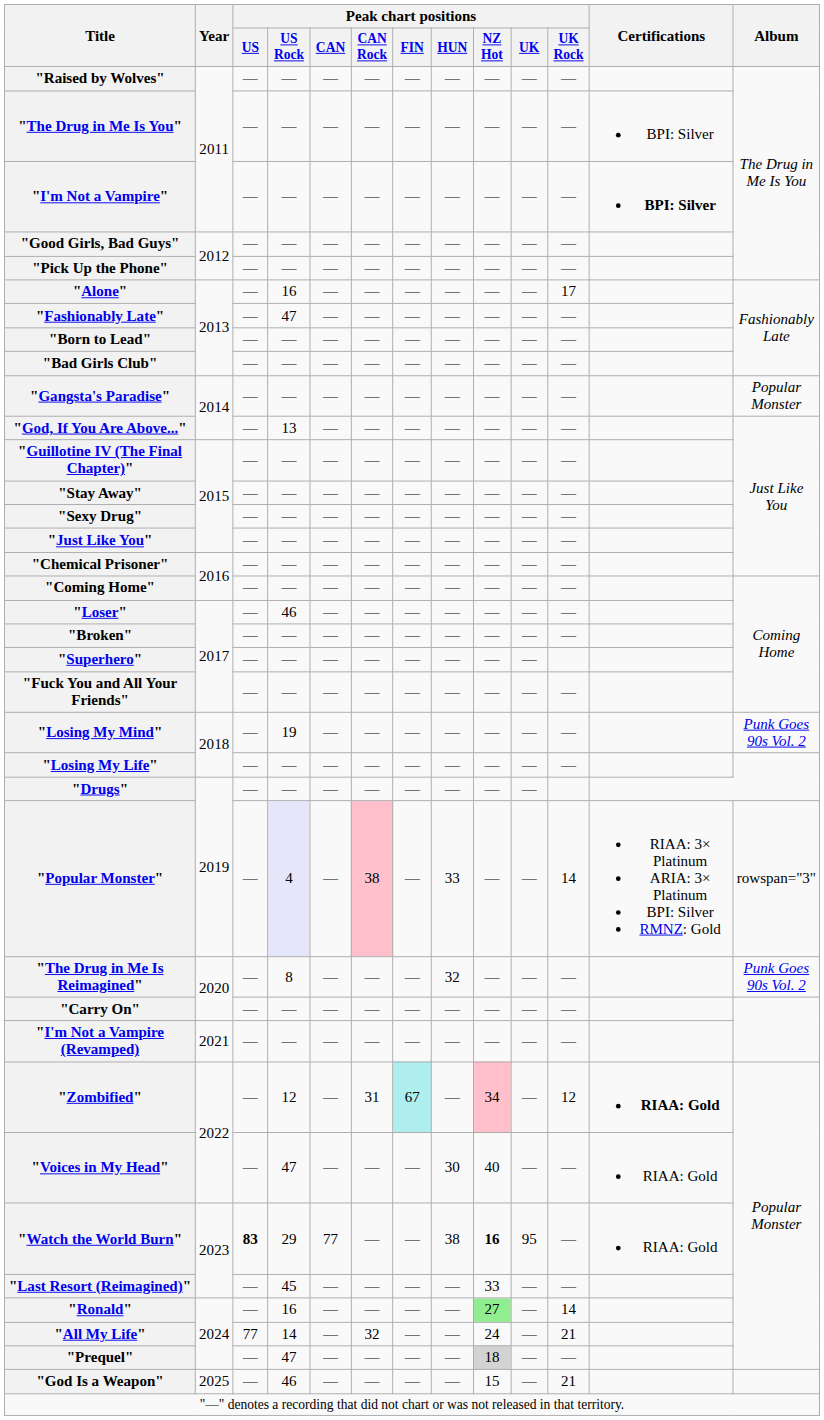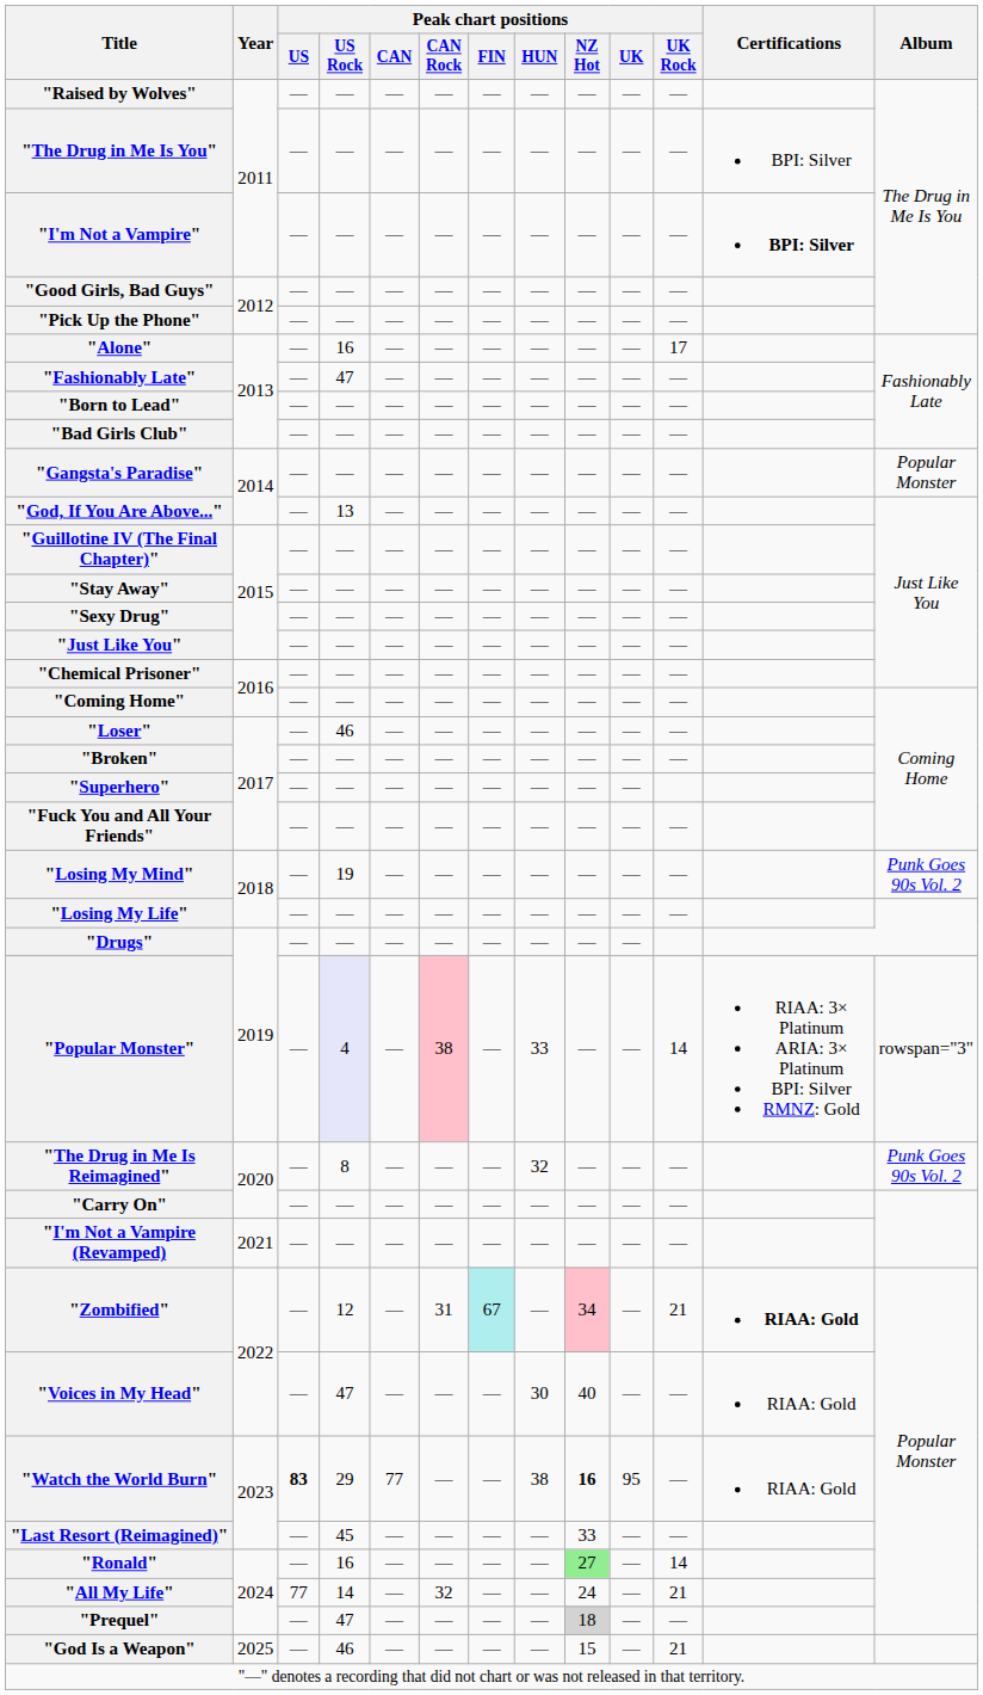 <table class="wikitable plainrowheaders" style="text-align:center;">
 <tr>
 <th scope="col" rowspan="2" style="width:18em;">Title</th>
 <th scope="col" rowspan="2">Year</th>
 <th scope="col" colspan="9">Peak chart positions</th>
 <th scope="col" rowspan="2" style="width:12em;">Certifications</th>
 <th scope="col" rowspan="2">Album</th>
 </tr>
 <tr>
 <th scope="col" style="width:3em;font-size:90%;"><a href='#'>US</a><br></th>
 <th scope="col" style="width:3em;font-size:90%;"><a href='#'>US<br>Rock</a><br></th>
 <th scope="col" style="width:3em;font-size:90%;"><a href='#'>CAN</a><br></th>
 <th scope="col" style="width:3em;font-size:90%;"><a href='#'>CAN<br>Rock</a><br></th>
 <th scope="col" style="width:3em;font-size:90%;"><a href='#'>FIN</a><br></th>
 <th scope="col" style="width:3em;font-size:90%;"><a href='#'>HUN</a><br></th>
 <th scope="col" style="width:3em;font-size:90%;"><a href='#'>NZ<br>Hot</a><br></th>
 <th scope="col" style="width:3em;font-size:90%;"><a href='#'>UK</a><br></th>
 <th scope="col" style="width:3em;font-size:90%;"><a href='#'>UK<br>Rock</a><br></th>
 </tr>
 <tr>
 <th scope="row">"Raised by Wolves"</th>
 <td rowspan="3">2011</td>
 <td>—</td>
 <td>—</td>
 <td>—</td>
 <td>—</td>
 <td>—</td>
 <td>—</td>
 <td>—</td>
 <td>—</td>
 <td>—</td>
 <td></td>
 <td rowspan="5"><em>The Drug in Me Is You</em></td>
 </tr>
 <tr>
 <th scope="row">"<a href='#'>The Drug in Me Is You</a>"</th>
 <td>—</td>
 <td>—</td>
 <td>—</td>
 <td>—</td>
 <td>—</td>
 <td>—</td>
 <td>—</td>
 <td>—</td>
 <td>—</td>
 <td><br><ul><li>BPI: Silver</li></ul></td>
 </tr>
 <tr>
 <th scope="row">"<a href='#'>I'm Not a Vampire</a>"</th>
 <td>—</td>
 <td>—</td>
 <td>—</td>
 <td>—</td>
 <td>—</td>
 <td>—</td>
 <td>—</td>
 <td>—</td>
 <td>—</td>
 <td><strong><br><ul><li>BPI: Silver</li></ul></strong></td>
 </tr>
 <tr>
 <th scope="row">"Good Girls, Bad Guys"</th>
 <td rowspan="2">2012</td>
 <td>—</td>
 <td>—</td>
 <td>—</td>
 <td>—</td>
 <td>—</td>
 <td>—</td>
 <td>—</td>
 <td>—</td>
 <td>—</td>
 <td></td>
 </tr>
 <tr>
 <th scope="row">"Pick Up the Phone"</th>
 <td>—</td>
 <td>—</td>
 <td>—</td>
 <td>—</td>
 <td>—</td>
 <td>—</td>
 <td>—</td>
 <td>—</td>
 <td>—</td>
 <td></td>
 </tr>
 <tr>
 <th scope="row">"<a href='#'>Alone</a>"</th>
 <td rowspan="4">2013</td>
 <td>—</td>
 <td>16</td>
 <td>—</td>
 <td>—</td>
 <td>—</td>
 <td>—</td>
 <td>—</td>
 <td>—</td>
 <td>17</td>
 <td></td>
 <td rowspan="4"><em>Fashionably Late</em></td>
 </tr>
 <tr>
 <th scope="row">"<a href='#'>Fashionably Late</a>"</th>
 <td>—</td>
 <td>47</td>
 <td>—</td>
 <td>—</td>
 <td>—</td>
 <td>—</td>
 <td>—</td>
 <td>—</td>
 <td>—</td>
 <td></td>
 </tr>
 <tr>
 <th scope="row">"Born to Lead"</th>
 <td>—</td>
 <td>—</td>
 <td>—</td>
 <td>—</td>
 <td>—</td>
 <td>—</td>
 <td>—</td>
 <td>—</td>
 <td>—</td>
 <td></td>
 </tr>
 <tr>
 <th scope="row">"Bad Girls Club"</th>
 <td>—</td>
 <td>—</td>
 <td>—</td>
 <td>—</td>
 <td>—</td>
 <td>—</td>
 <td>—</td>
 <td>—</td>
 <td>—</td>
 <td></td>
 </tr>
 <tr>
 <th scope="row">"<a href='#'>Gangsta's Paradise</a>"<br></th>
 <td rowspan="2">2014</td>
 <td>—</td>
 <td>—</td>
 <td>—</td>
 <td>—</td>
 <td>—</td>
 <td>—</td>
 <td>—</td>
 <td>—</td>
 <td>—</td>
 <td></td>
 <td><em>Popular Monster</em></td>
 </tr>
 <tr>
 <th scope="row">"<a href='#'>God, If You Are Above...</a>"</th>
 <td>—</td>
 <td>13</td>
 <td>—</td>
 <td>—</td>
 <td>—</td>
 <td>—</td>
 <td>—</td>
 <td>—</td>
 <td>—</td>
 <td></td>
 <td rowspan="6"><em>Just Like You</em></td>
 </tr>
 <tr>
 <th scope="row">"<a href='#'>Guillotine IV (The Final Chapter)</a>"</th>
 <td rowspan="4">2015</td>
 <td>—</td>
 <td>—</td>
 <td>—</td>
 <td>—</td>
 <td>—</td>
 <td>—</td>
 <td>—</td>
 <td>—</td>
 <td>—</td>
 <td></td>
 </tr>
 <tr>
 <th scope="row">"Stay Away"</th>
 <td>—</td>
 <td>—</td>
 <td>—</td>
 <td>—</td>
 <td>—</td>
 <td>—</td>
 <td>—</td>
 <td>—</td>
 <td>—</td>
 <td></td>
 </tr>
 <tr>
 <th scope="row">"Sexy Drug"</th>
 <td>—</td>
 <td>—</td>
 <td>—</td>
 <td>—</td>
 <td>—</td>
 <td>—</td>
 <td>—</td>
 <td>—</td>
 <td>—</td>
 <td></td>
 </tr>
 <tr>
 <th scope="row">"<a href='#'>Just Like You</a>"</th>
 <td>—</td>
 <td>—</td>
 <td>—</td>
 <td>—</td>
 <td>—</td>
 <td>—</td>
 <td>—</td>
 <td>—</td>
 <td>—</td>
 <td></td>
 </tr>
 <tr>
 <th scope="row">"Chemical Prisoner"</th>
 <td rowspan="2">2016</td>
 <td>—</td>
 <td>—</td>
 <td>—</td>
 <td>—</td>
 <td>—</td>
 <td>—</td>
 <td>—</td>
 <td>—</td>
 <td>—</td>
 <td></td>
 </tr>
 <tr>
 <th scope="row">"Coming Home"</th>
 <td>—</td>
 <td>—</td>
 <td>—</td>
 <td>—</td>
 <td>—</td>
 <td>—</td>
 <td>—</td>
 <td>—</td>
 <td>—</td>
 <td></td>
 <td rowspan="5"><em>Coming Home</em></td>
 </tr>
 <tr>
 <th scope="row">"<a href='#'>Loser</a>"</th>
 <td rowspan="4">2017</td>
 <td>—</td>
 <td>46</td>
 <td>—</td>
 <td>—</td>
 <td>—</td>
 <td>—</td>
 <td>—</td>
 <td>—</td>
 <td>—</td>
 <td></td>
 </tr>
 <tr>
 <th scope="row">"Broken"</th>
 <td>—</td>
 <td>—</td>
 <td>—</td>
 <td>—</td>
 <td>—</td>
 <td>—</td>
 <td>—</td>
 <td>—</td>
 <td>—</td>
 <td></td>
 </tr>
 <tr>
 <th scope="row">"<a href='#'>Superhero</a>"</th>
 <td>—</td>
 <td>—</td>
 <td>—</td>
 <td>—</td>
 <td>—</td>
 <td>—</td>
 <td>—</td>
 <td>—</td>
 <td></td>
 </tr>
 <tr>
 <th scope="row">"Fuck You and All Your Friends"</th>
 <td>—</td>
 <td>—</td>
 <td>—</td>
 <td>—</td>
 <td>—</td>
 <td>—</td>
 <td>—</td>
 <td>—</td>
 <td>—</td>
 <td></td>
 </tr>
 <tr>
 <th scope="row">"<a href='#'>Losing My Mind</a>"</th>
 <td rowspan="2">2018</td>
 <td>—</td>
 <td>19</td>
 <td>—</td>
 <td>—</td>
 <td>—</td>
 <td>—</td>
 <td>—</td>
 <td>—</td>
 <td>—</td>
 <td></td>
 <td><em><a href='#'>Punk Goes 90s Vol. 2</a></em></td>
 </tr>
 <tr>
 <th scope="row">"<a href='#'>Losing My Life</a>"</th>
 <td>—</td>
 <td>—</td>
 <td>—</td>
 <td>—</td>
 <td>—</td>
 <td>—</td>
 <td>—</td>
 <td>—</td>
 <td>—</td>
 <td></td>
 </tr>
 <tr>
 <th scope="row">"<a href='#'>Drugs</a>"<br></th>
 <td rowspan="2">2019</td>
 <td>—</td>
 <td>—</td>
 <td>—</td>
 <td>—</td>
 <td>—</td>
 <td>—</td>
 <td>—</td>
 <td>—</td>
 <td></td>
 </tr>
 <tr>
 <th scope="row">"<a href='#'>Popular Monster</a>"</th>
 <td>—</td>
 <td style="background: lavender;">4</td>
 <td>—</td>
 <td style="background: pink;">38</td>
 <td>—</td>
 <td>33</td>
 <td>—</td>
 <td>—</td>
 <td>14</td>
 <td><br><ul><li>RIAA: 3× Platinum</li><li>ARIA: 3× Platinum</li><li>BPI: Silver</li><li><a href='#'>RMNZ</a>: Gold</li></ul></td>
 <td>rowspan="3" </td>
 </tr>
 <tr>
 <th scope="row">"<a href='#'>The Drug in Me Is Reimagined</a>"</th>
 <td rowspan="2">2020</td>
 <td>—</td>
 <td>8</td>
 <td>—</td>
 <td>—</td>
 <td>—</td>
 <td>32</td>
 <td>—</td>
 <td>—</td>
 <td>—</td>
 <td></td>
 <td><em><a href='#'>Punk Goes 90s Vol. 2</a></em></td>
 </tr>
 <tr>
 <th scope="row">"Carry On"</th>
 <td>—</td>
 <td>—</td>
 <td>—</td>
 <td>—</td>
 <td>—</td>
 <td>—</td>
 <td>—</td>
 <td>—</td>
 <td>—</td>
 <td></td>
 </tr>
 <tr>
 <th scope="row">"<a href='#'>I'm Not a Vampire (Revamped)</a></th>
 <td>2021</td>
 <td>—</td>
 <td>—</td>
 <td>—</td>
 <td>—</td>
 <td>—</td>
 <td>—</td>
 <td>—</td>
 <td>—</td>
 <td>—</td>
 <td></td>
 </tr>
 <tr>
 <th scope="row">"<a href='#'>Zombified</a>"</th>
 <td rowspan="2">2022</td>
 <td>—</td>
 <td>12</td>
 <td>—</td>
 <td>31</td>
 <td style="background: paleturquoise;">67</td>
 <td>—</td>
 <td style="background: pink;">34</td>
 <td>—</td>
-<td>12</td>
+<td>21</td>
 <td><strong><br><ul><li>RIAA: Gold</li></ul></strong></td>
 <td rowspan="7"><em>Popular Monster</em></td>
 </tr>
 <tr>
 <th scope="row">"<a href='#'>Voices in My Head</a>"</th>
 <td>—</td>
 <td>47</td>
 <td>—</td>
 <td>—</td>
 <td>—</td>
 <td>30</td>
 <td>40</td>
 <td>—</td>
 <td>—</td>
 <td><br><ul><li>RIAA: Gold</li></ul></td>
 </tr>
 <tr>
 <th scope="row">"<a href='#'>Watch the World Burn</a>"</th>
 <td rowspan="2">2023</td>
 <td><strong>83</strong></td>
 <td>29</td>
 <td>77</td>
 <td>—</td>
 <td>—</td>
 <td>38</td>
 <td><strong>16</strong></td>
 <td>95</td>
 <td>—</td>
 <td><br><ul><li>RIAA: Gold</li></ul></td>
 </tr>
 <tr>
 <th scope="row">"<a href='#'>Last Resort (Reimagined)</a>"<br></th>
 <td>—</td>
 <td>45</td>
 <td>—</td>
 <td>—</td>
 <td>—</td>
 <td>—</td>
 <td>33</td>
 <td>—</td>
 <td>—</td>
 <td></td>
 </tr>
 <tr>
 <th scope="row">"<a href='#'>Ronald</a>"<br></th>
 <td rowspan="3">2024</td>
 <td>—</td>
 <td>16</td>
 <td>—</td>
 <td>—</td>
 <td>—</td>
 <td>—</td>
 <td style="background: lightgreen;">27</td>
 <td>—</td>
 <td>14</td>
 <td></td>
 </tr>
 <tr>
 <th scope="row">"<a href='#'>All My Life</a>"<br></th>
 <td>77</td>
 <td>14</td>
 <td>—</td>
 <td>32</td>
 <td>—</td>
 <td>—</td>
 <td>24</td>
 <td>—</td>
 <td>21</td>
 <td></td>
 </tr>
 <tr>
 <th scope="row">"Prequel"</th>
 <td>—</td>
 <td>47</td>
 <td>—</td>
 <td>—</td>
 <td>—</td>
 <td>—</td>
 <td style="background: lightgrey;">18</td>
 <td>—</td>
 <td>—</td>
 <td></td>
 </tr>
 <tr>
 <th scope="row">"God Is a Weapon"<br></th>
 <td>2025</td>
 <td>—</td>
 <td>46</td>
 <td>—</td>
 <td>—</td>
 <td>—</td>
 <td>—</td>
 <td>15</td>
 <td>—</td>
 <td>21</td>
 <td></td>
 <td></td>
 </tr>
 <tr>
 <td colspan="13" style="font-size:90%">"—" denotes a recording that did not chart or was not released in that territory.</td>
 </tr>
 </table>
